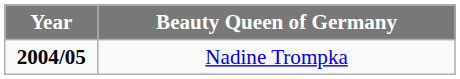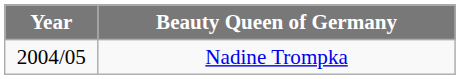 <table class="wikitable sortable" style="font-size: 95%; text-align:center">
 <tr>
 <th width="60" style="background-color:#787878;color:#FFFFFF;">Year</th>
 <th width="250" style="background-color:#787878;color:#FFFFFF;">Beauty Queen of Germany</th>
 </tr>
 <tr>
-<td><strong>2004/05</strong></td>
+<td>2004/05</td>
 <td><a href='#'>Nadine Trompka</a></td>
 </tr>
 </table>
